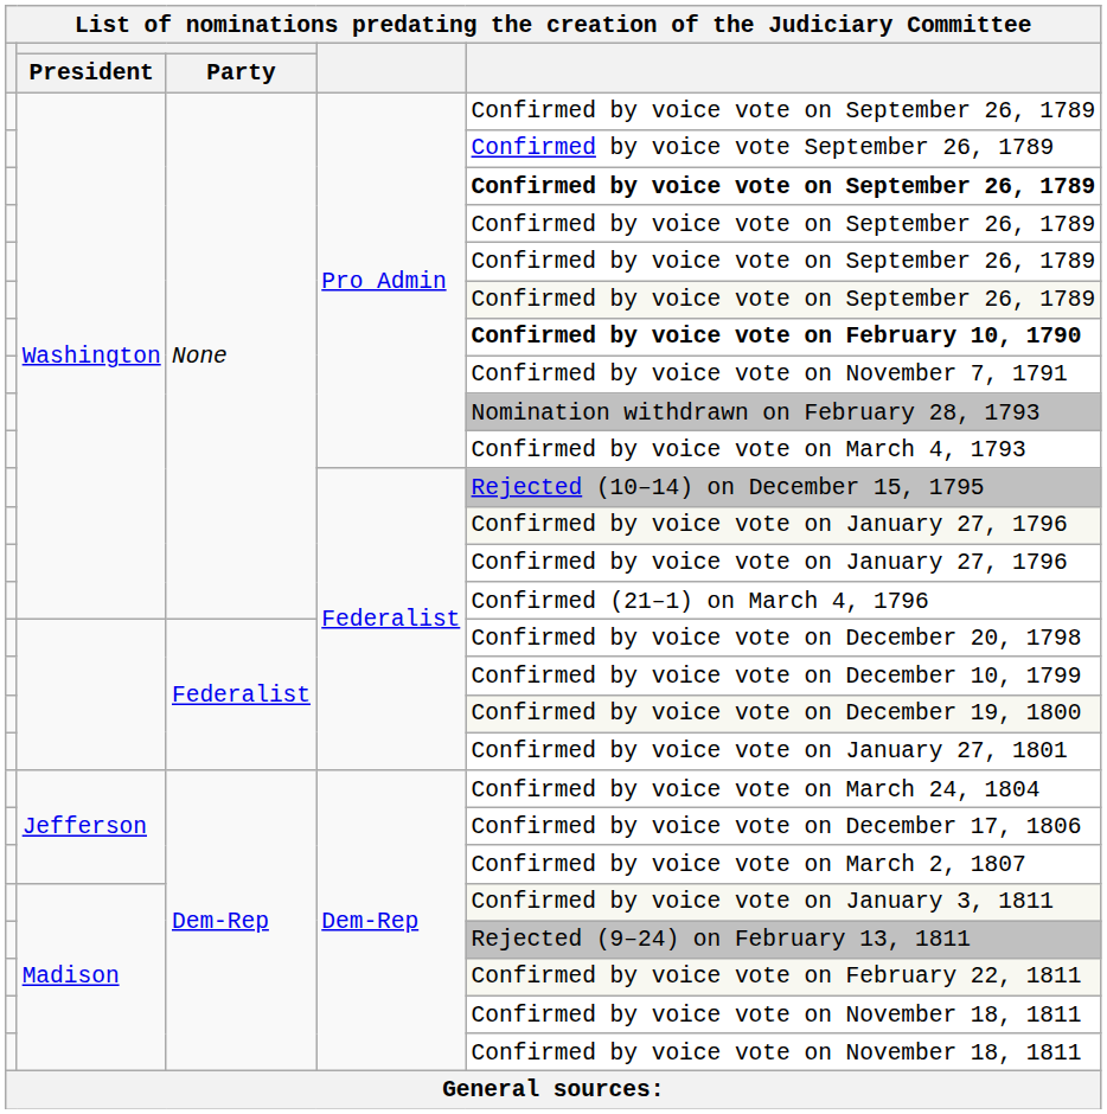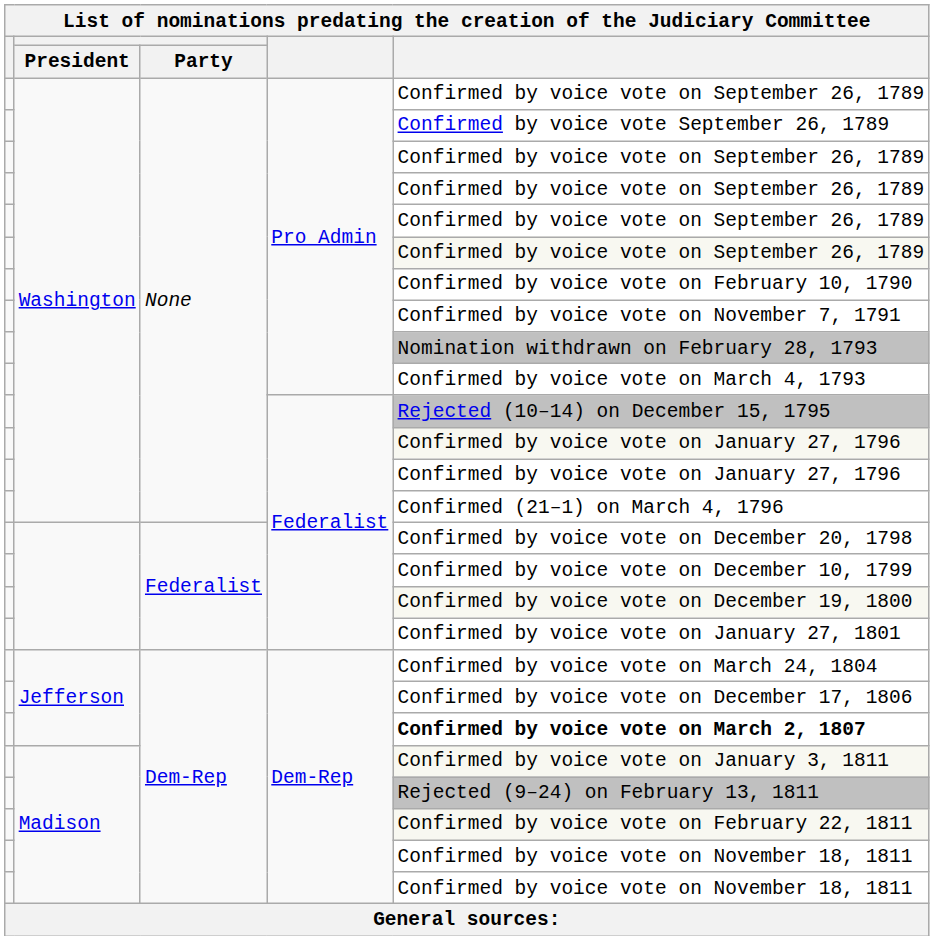 <table class="wikitable sortable">
 <tr>
 <th colspan=5>List of nominations predating the creation of the Judiciary Committee</th>
 </tr>
 <tr>
 <th rowspan=2></th>
 <th colspan=2></th>
 <th rowspan=2></th>
 <th rowspan=2></th>
 </tr>
 <tr>
 <th>President</th>
 <th>Party</th>
 </tr>
 <tr>
 <td></td>
 <td rowspan=14><a href='#'>Washington</a></td>
 <td rowspan=14 ><em>None</em></td>
 <td rowspan=10 ><a href='#'>Pro Admin</a></td>
 <td data-sort-value="Confirmed" bgcolor=white>Confirmed by voice vote on September 26, 1789</td>
 </tr>
 <tr>
 <td></td>
 <td data-sort-value="Confirmed" bgcolor=white><a href='#'>Confirmed</a> by voice vote September 26, 1789</td>
 </tr>
 <tr>
 <td></td>
-<td data-sort-value="Confirmed" bgcolor=white><strong>Confirmed by voice vote on September 26, 1789</strong></td>
+<td data-sort-value="Confirmed" bgcolor=white>Confirmed by voice vote on September 26, 1789</td>
 </tr>
 <tr>
 <td></td>
 <td data-sort-value="Confirmed" bgcolor=white>Confirmed by voice vote on September 26, 1789</td>
 </tr>
 <tr>
 <td></td>
 <td data-sort-value="Confirmed" bgcolor=white>Confirmed by voice vote on September 26, 1789</td>
 </tr>
 <tr>
 <td></td>
 <td data-sort-value="Declined" bgcolor="#f8f8f1">Confirmed by voice vote on September 26, 1789</td>
 </tr>
 <tr>
 <td></td>
-<td data-sort-value="Confirmed" bgcolor=white><strong>Confirmed by voice vote on February 10, 1790</strong></td>
+<td data-sort-value="Confirmed" bgcolor=white>Confirmed by voice vote on February 10, 1790</td>
 </tr>
 <tr>
 <td></td>
 <td data-sort-value="Confirmed" bgcolor=white>Confirmed by voice vote on November 7, 1791</td>
 </tr>
 <tr>
 <td></td>
 <td data-sort-value="Withdrawn" bgcolor="#c0c0c0">Nomination withdrawn on February 28, 1793</td>
 </tr>
 <tr>
 <td></td>
 <td data-sort-value="Confirmed" bgcolor="#ffffff">Confirmed by voice vote on March 4, 1793</td>
 </tr>
 <tr>
 <td></td>
 <td rowspan=8 ><a href='#'>Federalist</a></td>
 <td data-sort-value="Rejected" bgcolor="#c0c0c0"><a href='#'>Rejected</a> (10–14) on December 15, 1795</td>
 </tr>
 <tr>
 <td></td>
 <td data-sort-value="Declined" bgcolor="#f8f8f1">Confirmed by voice vote on January 27, 1796</td>
 </tr>
 <tr>
 <td></td>
 <td data-sort-value="Confirmed" bgcolor="#ffffff">Confirmed by voice vote on January 27, 1796</td>
 </tr>
 <tr>
 <td></td>
 <td data-sort-value="Confirmed" bgcolor="#ffffff">Confirmed (21–1) on March 4, 1796</td>
 </tr>
 <tr>
 <td></td>
 <td rowspan=4></td>
 <td rowspan=4 ><a href='#'>Federalist</a></td>
 <td data-sort-value="Confirmed" bgcolor="#ffffff">Confirmed by voice vote on December 20, 1798</td>
 </tr>
 <tr>
 <td></td>
 <td data-sort-value="Confirmed" bgcolor="#ffffff">Confirmed by voice vote on December 10, 1799</td>
 </tr>
 <tr>
 <td></td>
 <td data-sort-value="Declined" bgcolor="#f8f8f1">Confirmed by voice vote on December 19, 1800</td>
 </tr>
 <tr>
 <td></td>
 <td data-sort-value="Confirmed" bgcolor="#ffffff">Confirmed by voice vote on January 27, 1801</td>
 </tr>
 <tr>
 <td></td>
 <td rowspan=3><a href='#'>Jefferson</a></td>
 <td rowspan=8 ><a href='#'>Dem-Rep</a></td>
 <td rowspan=8 ><a href='#'>Dem-Rep</a></td>
 <td data-sort-value="Confirmed"  bgcolor="#ffffff">Confirmed by voice vote on March 24, 1804</td>
 </tr>
 <tr>
 <td></td>
 <td data-sort-value="Confirmed" bgcolor="#ffffff">Confirmed by voice vote on December 17, 1806</td>
 </tr>
 <tr>
 <td></td>
-<td data-sort-value="Confirmed" bgcolor="#ffffff">Confirmed by voice vote on March 2, 1807</td>
+<td data-sort-value="Confirmed" bgcolor="#ffffff"><strong>Confirmed by voice vote on March 2, 1807</strong></td>
 </tr>
 <tr>
 <td></td>
 <td rowspan=5><a href='#'>Madison</a></td>
 <td data-sort-value="Declined" bgcolor="#f8f8f1">Confirmed by voice vote on January 3, 1811</td>
 </tr>
 <tr>
 <td></td>
 <td data-sort-value="Rejected" bgcolor="#c0c0c0">Rejected (9–24) on February 13, 1811</td>
 </tr>
 <tr>
 <td></td>
 <td data-sort-value="Declined" bgcolor="#f8f8f1">Confirmed by voice vote on February 22, 1811</td>
 </tr>
 <tr>
 <td></td>
 <td data-sort-value="Confirmed"  bgcolor="#ffffff">Confirmed by voice vote on November 18, 1811</td>
 </tr>
 <tr>
 <td></td>
 <td data-sort-value="Confirmed" bgcolor="#ffffff">Confirmed by voice vote on November 18, 1811</td>
 </tr>
 <tr>
 <th colspan=20>General sources:</th>
 </tr>
 </table>
